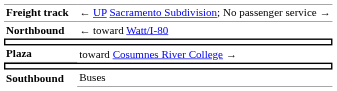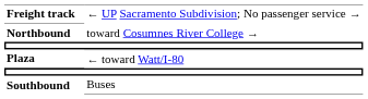 <table border=0 cellspacing=0 cellpadding=3>
 <tr>
 <td style="border-top:solid 1px gray" width=100><strong>Freight track</strong></td>
 <td style="border-top:solid 1px gray">← <a href='#'>UP</a> <a href='#'>Sacramento Subdivision</a>; No passenger service  →</td>
 </tr>
 <tr>
 <td style="border-top:solid 1px gray"><strong>Northbound</strong></td>
-<td style="border-top:solid 1px gray">←  toward <a href='#'>Watt/I-80</a> </td>
+<td>  toward <a href='#'>Cosumnes River College</a>  →</td>
 </tr>
 <tr>
 <td style="border-top:solid 2px black;border-right:solid 2px black;border-left:solid 2px black;border-bottom:solid 2px black;text-align:center;" colspan=2></td>
 </tr>
 <tr>
 <td style="border-bottom:solid 1px gray"><strong>Plaza</strong></td>
-<td>  toward <a href='#'>Cosumnes River College</a>  →</td>
+<td style="border-top:solid 1px gray">←  toward <a href='#'>Watt/I-80</a> </td>
 </tr>
 <tr>
 <td style="border-top:solid 2px black;border-right:solid 2px black;border-left:solid 2px black;border-bottom:solid 2px black;text-align:center;" colspan=2></td>
 </tr>
 <tr>
 <td><strong>Southbound</strong></td>
 <td style="border-bottom:solid 1px gray">Buses</td>
 </tr>
 </table>
